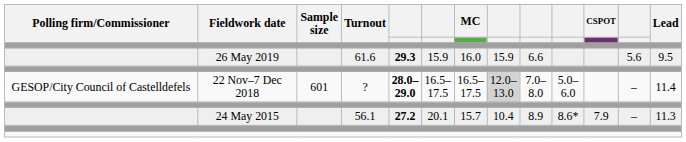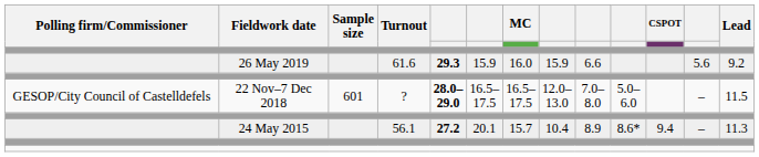 <table class="wikitable collapsible collapsed" style="text-align:center; font-size:95%; line-height:16px;">
 <tr style="height:42px;">
 <th style="width:250px;" rowspan="2">Polling firm/Commissioner</th>
 <th style="width:125px;" rowspan="2">Fieldwork date</th>
 <th style="width:50px;" rowspan="2">Sample size</th>
 <th style="width:45px;" rowspan="2">Turnout</th>
 <th style="width:35px;"></th>
 <th style="width:35px;"></th>
 <th style="width:35px;">MC</th>
 <th style="width:35px;"></th>
 <th style="width:35px;"></th>
 <th style="width:35px;"></th>
 <th style="width:35px; font-size:75%;">CSPOT</th>
 <th style="width:35px;"></th>
 <th style="width:30px;" rowspan="2">Lead</th>
 </tr>
 <tr>
 <th style="color:inherit;background:"></th>
 <th style="color:inherit;background:"></th>
 <th style="color:inherit;background:#57AD46;"></th>
 <th style="color:inherit;background:"></th>
 <th style="color:inherit;background:"></th>
 <th style="color:inherit;background:"></th>
 <th style="color:inherit;background:#6B2F6B;"></th>
 <th style="color:inherit;background:"></th>
 </tr>
 <tr>
 <td colspan="13" style="background:#A0A0A0"></td>
 </tr>
 <tr style="background:#EFEFEF;">
 <td><strong></strong></td>
 <td>26 May 2019</td>
 <td></td>
 <td>61.6</td>
 <td><strong>29.3</strong><br></td>
 <td>15.9<br></td>
 <td>16.0<br></td>
 <td>15.9<br></td>
 <td>6.6<br></td>
 <td></td>
 <td></td>
 <td>5.6<br></td>
-<td style="background:">9.5</td>
+<td style="background:">9.2</td>
 </tr>
 <tr>
 <td colspan="13" style="background:#A0A0A0"></td>
 </tr>
 <tr>
 <td>GESOP/City Council of Castelldefels</td>
 <td>22 Nov–7 Dec 2018</td>
 <td>601</td>
 <td>?</td>
 <td><strong>28.0–<br>29.0</strong><br></td>
 <td>16.5–<br>17.5<br></td>
 <td>16.5–<br>17.5<br></td>
-<td style="background: lightgrey;">12.0–<br>13.0<br></td>
+<td>12.0–<br>13.0<br></td>
 <td>7.0–<br>8.0<br></td>
 <td>5.0–<br>6.0<br></td>
 <td></td>
 <td>–</td>
-<td style="background:">11.4</td>
+<td style="background:">11.5</td>
 </tr>
 <tr>
 <td colspan="13" style="background:#A0A0A0"></td>
 </tr>
 <tr style="background:#EFEFEF;">
 <td><strong></strong></td>
 <td>24 May 2015</td>
 <td></td>
 <td>56.1</td>
 <td><strong>27.2</strong><br></td>
 <td>20.1<br></td>
 <td>15.7<br></td>
 <td>10.4<br></td>
 <td>8.9<br></td>
 <td>8.6*<br></td>
-<td>7.9<br></td>
+<td>9.4<br></td>
 <td>–</td>
 <td style="background:">11.3</td>
 </tr>
 <tr>
 <td colspan="13" style="background:#A0A0A0"></td>
 </tr>
 <tr>
 <td align="left" colspan="13"></td>
 </tr>
 </table>
